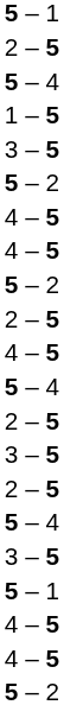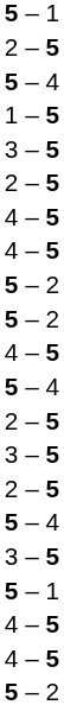 <table style="text-align:center">
 <tr>
 <th width=223></th>
 <th width=100></th>
 <th width=223></th>
 </tr>
 <tr>
 <td align=right></td>
 <td><strong>5</strong> – 1</td>
 <td align=left></td>
 </tr>
 <tr>
 <td align=right></td>
 <td>2 – <strong>5</strong></td>
 <td align=left></td>
 </tr>
 <tr>
 <td align=right></td>
 <td><strong>5</strong> – 4</td>
 <td align=left></td>
 </tr>
 <tr>
 <td align=right></td>
 <td>1 – <strong>5</strong></td>
 <td align=left></td>
 </tr>
 <tr>
 <td align=right></td>
 <td>3 – <strong>5</strong></td>
 <td align=left></td>
 </tr>
 <tr>
 <td align=right></td>
-<td><strong>5</strong> – 2</td>
+<td>2 – <strong>5</strong></td>
 <td align=left></td>
 </tr>
 <tr>
 <td align=right></td>
 <td>4 – <strong>5</strong></td>
 <td align=left></td>
 </tr>
 <tr>
 <td align=right></td>
 <td>4 – <strong>5</strong></td>
 <td align=left></td>
 </tr>
 <tr>
 <td align=right></td>
 <td><strong>5</strong> – 2</td>
 <td align=left></td>
 </tr>
 <tr>
 <td align=right></td>
-<td>2 – <strong>5</strong></td>
+<td><strong>5</strong> – 2</td>
 <td align=left></td>
 </tr>
 <tr>
 <td align=right></td>
 <td>4 – <strong>5</strong></td>
 <td align=left></td>
 </tr>
 <tr>
 <td align=right></td>
 <td><strong>5</strong> – 4</td>
 <td align=left></td>
 </tr>
 <tr>
 <td align=right></td>
 <td>2 – <strong>5</strong></td>
 <td align=left></td>
 </tr>
 <tr>
 <td align=right></td>
 <td>3 – <strong>5</strong></td>
 <td align=left></td>
 </tr>
 <tr>
 <td align=right></td>
 <td>2 – <strong>5</strong></td>
 <td align=left></td>
 </tr>
 <tr>
 <td align=right></td>
 <td><strong>5</strong> – 4</td>
 <td align=left></td>
 </tr>
 <tr>
 <td align=right></td>
 <td>3 – <strong>5</strong></td>
 <td align=left></td>
 </tr>
 <tr>
 <td align=right></td>
 <td><strong>5</strong> – 1</td>
 <td align=left></td>
 </tr>
 <tr>
 <td align=right></td>
 <td>4 – <strong>5</strong></td>
 <td align=left></td>
 </tr>
 <tr>
 <td align=right></td>
 <td>4 – <strong>5</strong></td>
 <td align=left></td>
 </tr>
 <tr>
 <td align=right></td>
 <td><strong>5</strong> – 2</td>
 <td align=left></td>
 </tr>
 </table>
